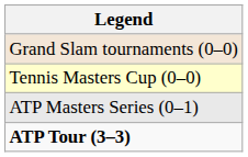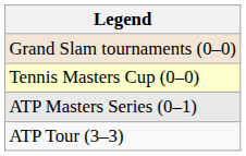 <table class="wikitable">
 <tr>
 <th>Legend</th>
 </tr>
 <tr style="background:#f3e6d7;">
 <td>Grand Slam tournaments (0–0)</td>
 </tr>
 <tr style="background:#ffc;">
 <td>Tennis Masters Cup (0–0)</td>
 </tr>
 <tr style="background:#e9e9e9;">
 <td>ATP Masters Series (0–1)</td>
 </tr>
 <tr>
-<td><strong>ATP Tour (3–3)</strong></td>
+<td>ATP Tour (3–3)</td>
 </tr>
 </table>
